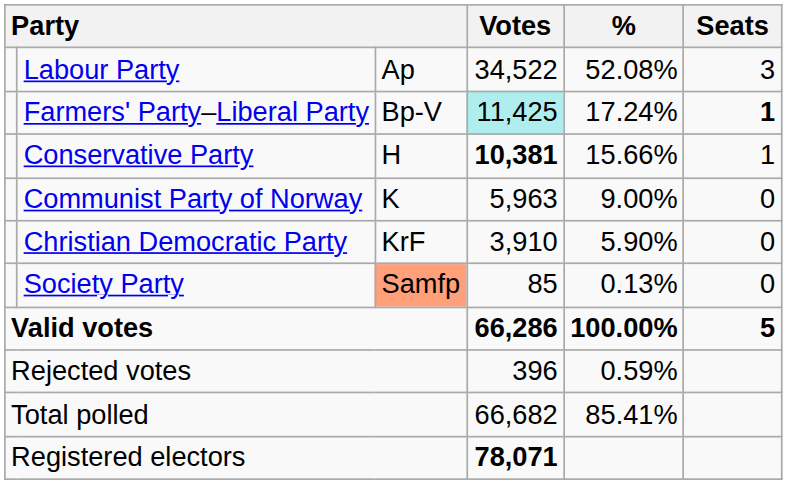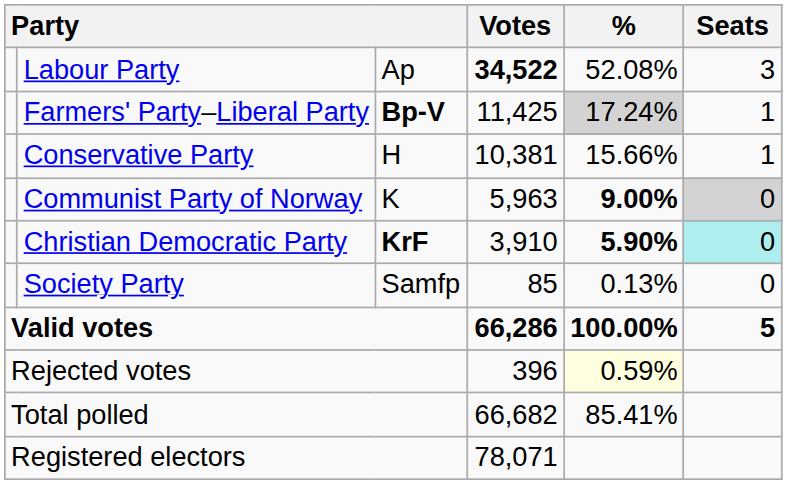 <table class="wikitable" border="1" style="text-align:right;">
 <tr>
 <th style="text-align:left;" colspan=3>Party</th>
 <th align=center width="50">Votes</th>
 <th align=center width="50">%</th>
 <th align=center width="50">Seats</th>
 </tr>
 <tr>
 <td style="color:inherit;background:"></td>
 <td align=left><a href='#'>Labour Party</a></td>
 <td align=left>Ap</td>
-<td>34,522</td>
+<td><strong>34,522</strong></td>
 <td>52.08%</td>
 <td>3</td>
 </tr>
 <tr>
 <td></td>
 <td align=left><a href='#'>Farmers' Party</a>–<a href='#'>Liberal Party</a></td>
-<td align=left>Bp-V</td>
-<td style="background: paleturquoise;">11,425</td>
-<td>17.24%</td>
-<td><strong>1</strong></td>
+<td align=left><strong>Bp-V</strong></td>
+<td>11,425</td>
+<td style="background: lightgrey;">17.24%</td>
+<td>1</td>
 </tr>
 <tr>
 <td style="color:inherit;background:"></td>
 <td align=left><a href='#'>Conservative Party</a></td>
 <td align=left>H</td>
-<td><strong>10,381</strong></td>
+<td>10,381</td>
 <td>15.66%</td>
 <td>1</td>
 </tr>
 <tr>
 <td style="color:inherit;background:"></td>
 <td align=left><a href='#'>Communist Party of Norway</a></td>
 <td align=left>K</td>
 <td>5,963</td>
-<td>9.00%</td>
-<td>0</td>
+<td><strong>9.00%</strong></td>
+<td style="background: lightgrey;">0</td>
 </tr>
 <tr>
 <td style="color:inherit;background:"></td>
 <td align=left><a href='#'>Christian Democratic Party</a></td>
-<td align=left>KrF</td>
+<td align=left><strong>KrF</strong></td>
 <td>3,910</td>
-<td>5.90%</td>
-<td>0</td>
+<td><strong>5.90%</strong></td>
+<td style="background: paleturquoise;">0</td>
 </tr>
 <tr>
 <td></td>
 <td align=left><a href='#'>Society Party</a></td>
-<td align=left style="background: lightsalmon;">Samfp</td>
+<td align=left>Samfp</td>
 <td>85</td>
 <td>0.13%</td>
 <td>0</td>
 </tr>
 <tr style="font-weight:bold">
 <td align=left colspan=3>Valid votes</td>
 <td>66,286</td>
 <td>100.00%</td>
 <td>5</td>
 </tr>
 <tr>
 <td align=left colspan=3>Rejected votes</td>
 <td>396</td>
-<td>0.59%</td>
+<td style="background: lightyellow;">0.59%</td>
 <td></td>
 </tr>
 <tr>
 <td align=left colspan=3>Total polled</td>
 <td>66,682</td>
 <td>85.41%</td>
 <td></td>
 </tr>
 <tr>
 <td align=left colspan=3>Registered electors</td>
-<td><strong>78,071</strong></td>
+<td>78,071</td>
 <td></td>
 <td></td>
 </tr>
 </table>
